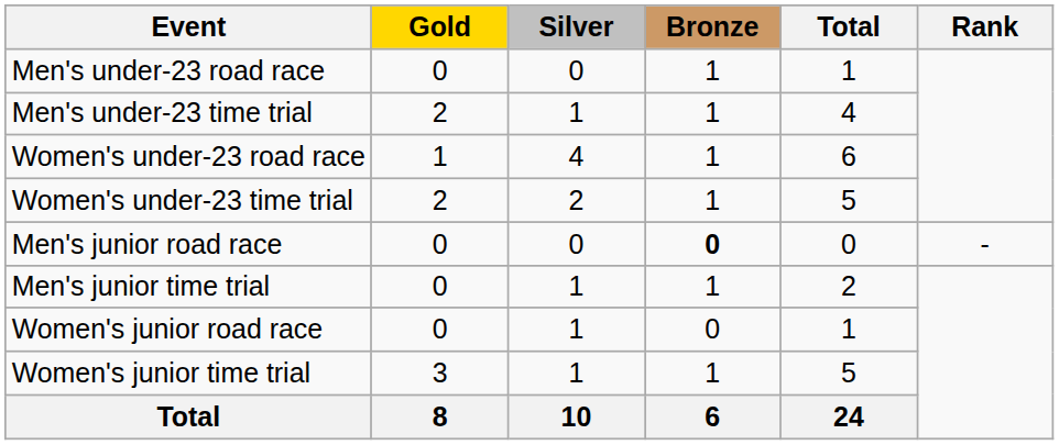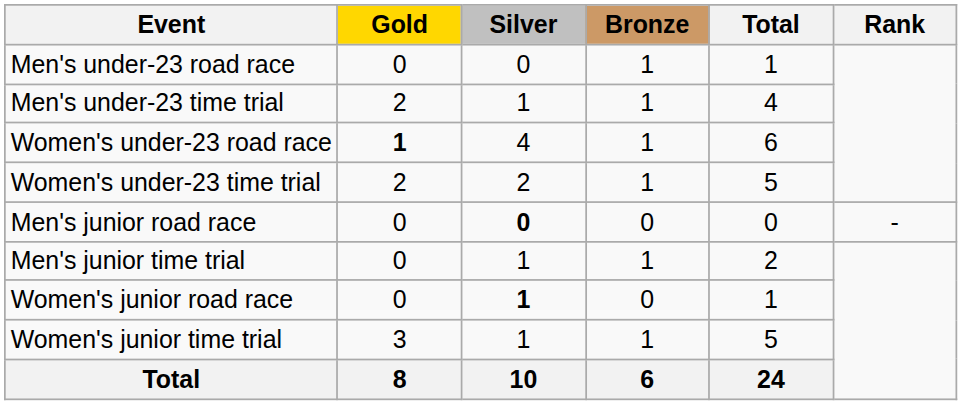 <table class="wikitable sortable" border="1" style="text-align:center; font-size:90%;">
 <tr>
 <th style="width:15:em;">Event</th>
 <td style="background:gold; width:4.5em; font-weight:bold;">Gold</td>
 <td style="background:silver; width:4.5em; font-weight:bold;">Silver</td>
 <td style="background:#cc9966; width:4.5em; font-weight:bold;">Bronze</td>
 <th style="width:4.5em;">Total</th>
 <th style="width:4.5em;">Rank</th>
 </tr>
 <tr>
 <td align=left>Men's under-23 road race</td>
 <td>0</td>
 <td>0</td>
 <td>1</td>
 <td>1</td>
 </tr>
 <tr>
 <td align=left>Men's under-23 time trial</td>
 <td>2</td>
 <td>1</td>
 <td>1</td>
 <td>4</td>
 </tr>
 <tr>
 <td align=left>Women's under-23 road race</td>
-<td>1</td>
+<td><strong>1</strong></td>
 <td>4</td>
 <td>1</td>
 <td>6</td>
 </tr>
 <tr>
 <td align=left>Women's under-23 time trial</td>
 <td>2</td>
 <td>2</td>
 <td>1</td>
 <td>5</td>
 </tr>
 <tr>
 <td align=left>Men's junior road race</td>
 <td>0</td>
+<td><strong>0</strong></td>
 <td>0</td>
-<td><strong>0</strong></td>
 <td>0</td>
 <td>-</td>
 </tr>
 <tr>
 <td align=left>Men's junior time trial</td>
 <td>0</td>
 <td>1</td>
 <td>1</td>
 <td>2</td>
 </tr>
 <tr>
 <td align=left>Women's junior road race</td>
 <td>0</td>
-<td>1</td>
+<td><strong>1</strong></td>
 <td>0</td>
 <td>1</td>
 </tr>
 <tr>
 <td align=left>Women's junior time trial</td>
 <td>3</td>
 <td>1</td>
 <td>1</td>
 <td>5</td>
 </tr>
 <tr>
 <th>Total</th>
 <th>8</th>
 <th>10</th>
 <th>6</th>
 <th>24</th>
 </tr>
 </table>
